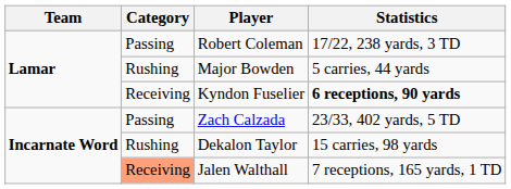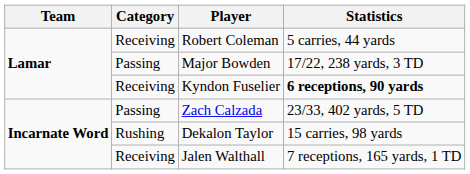 <table class="wikitable" style="float: right;">
 <tr>
 <th>Team</th>
 <th>Category</th>
 <th>Player</th>
 <th>Statistics</th>
 </tr>
 <tr>
 <td rowspan=3><strong>Lamar</strong></td>
-<td>Passing</td>
+<td>Receiving</td>
 <td>Robert Coleman</td>
-<td>17/22, 238 yards, 3 TD</td>
+<td>5 carries, 44 yards</td>
 </tr>
 <tr>
-<td>Rushing</td>
+<td>Passing</td>
 <td>Major Bowden</td>
-<td>5 carries, 44 yards</td>
+<td>17/22, 238 yards, 3 TD</td>
 </tr>
 <tr>
 <td>Receiving</td>
 <td>Kyndon Fuselier</td>
 <td><strong>6 receptions, 90 yards</strong></td>
 </tr>
 <tr>
 <td rowspan=3><strong>Incarnate Word</strong></td>
 <td>Passing</td>
 <td><a href='#'>Zach Calzada</a></td>
 <td>23/33, 402 yards, 5 TD</td>
 </tr>
 <tr>
 <td>Rushing</td>
 <td>Dekalon Taylor</td>
 <td>15 carries, 98 yards</td>
 </tr>
 <tr>
-<td style="background: lightsalmon;">Receiving</td>
+<td>Receiving</td>
 <td>Jalen Walthall</td>
 <td>7 receptions, 165 yards, 1 TD</td>
 </tr>
 </table>
